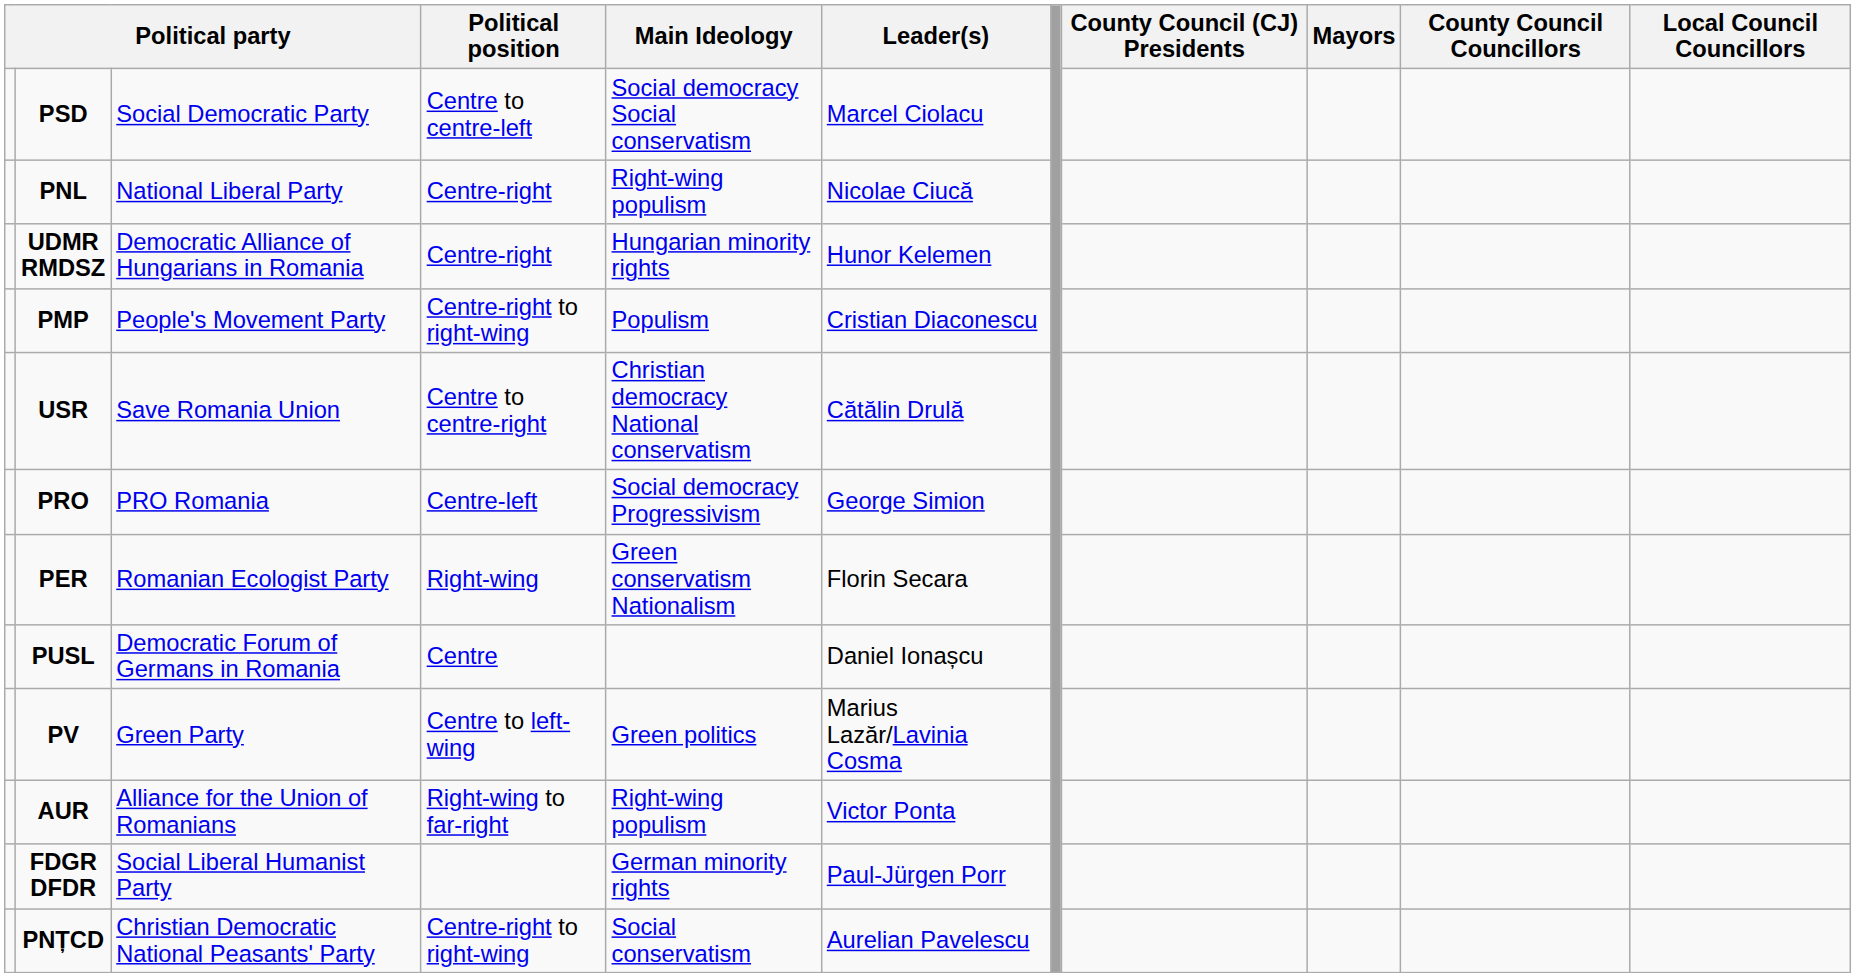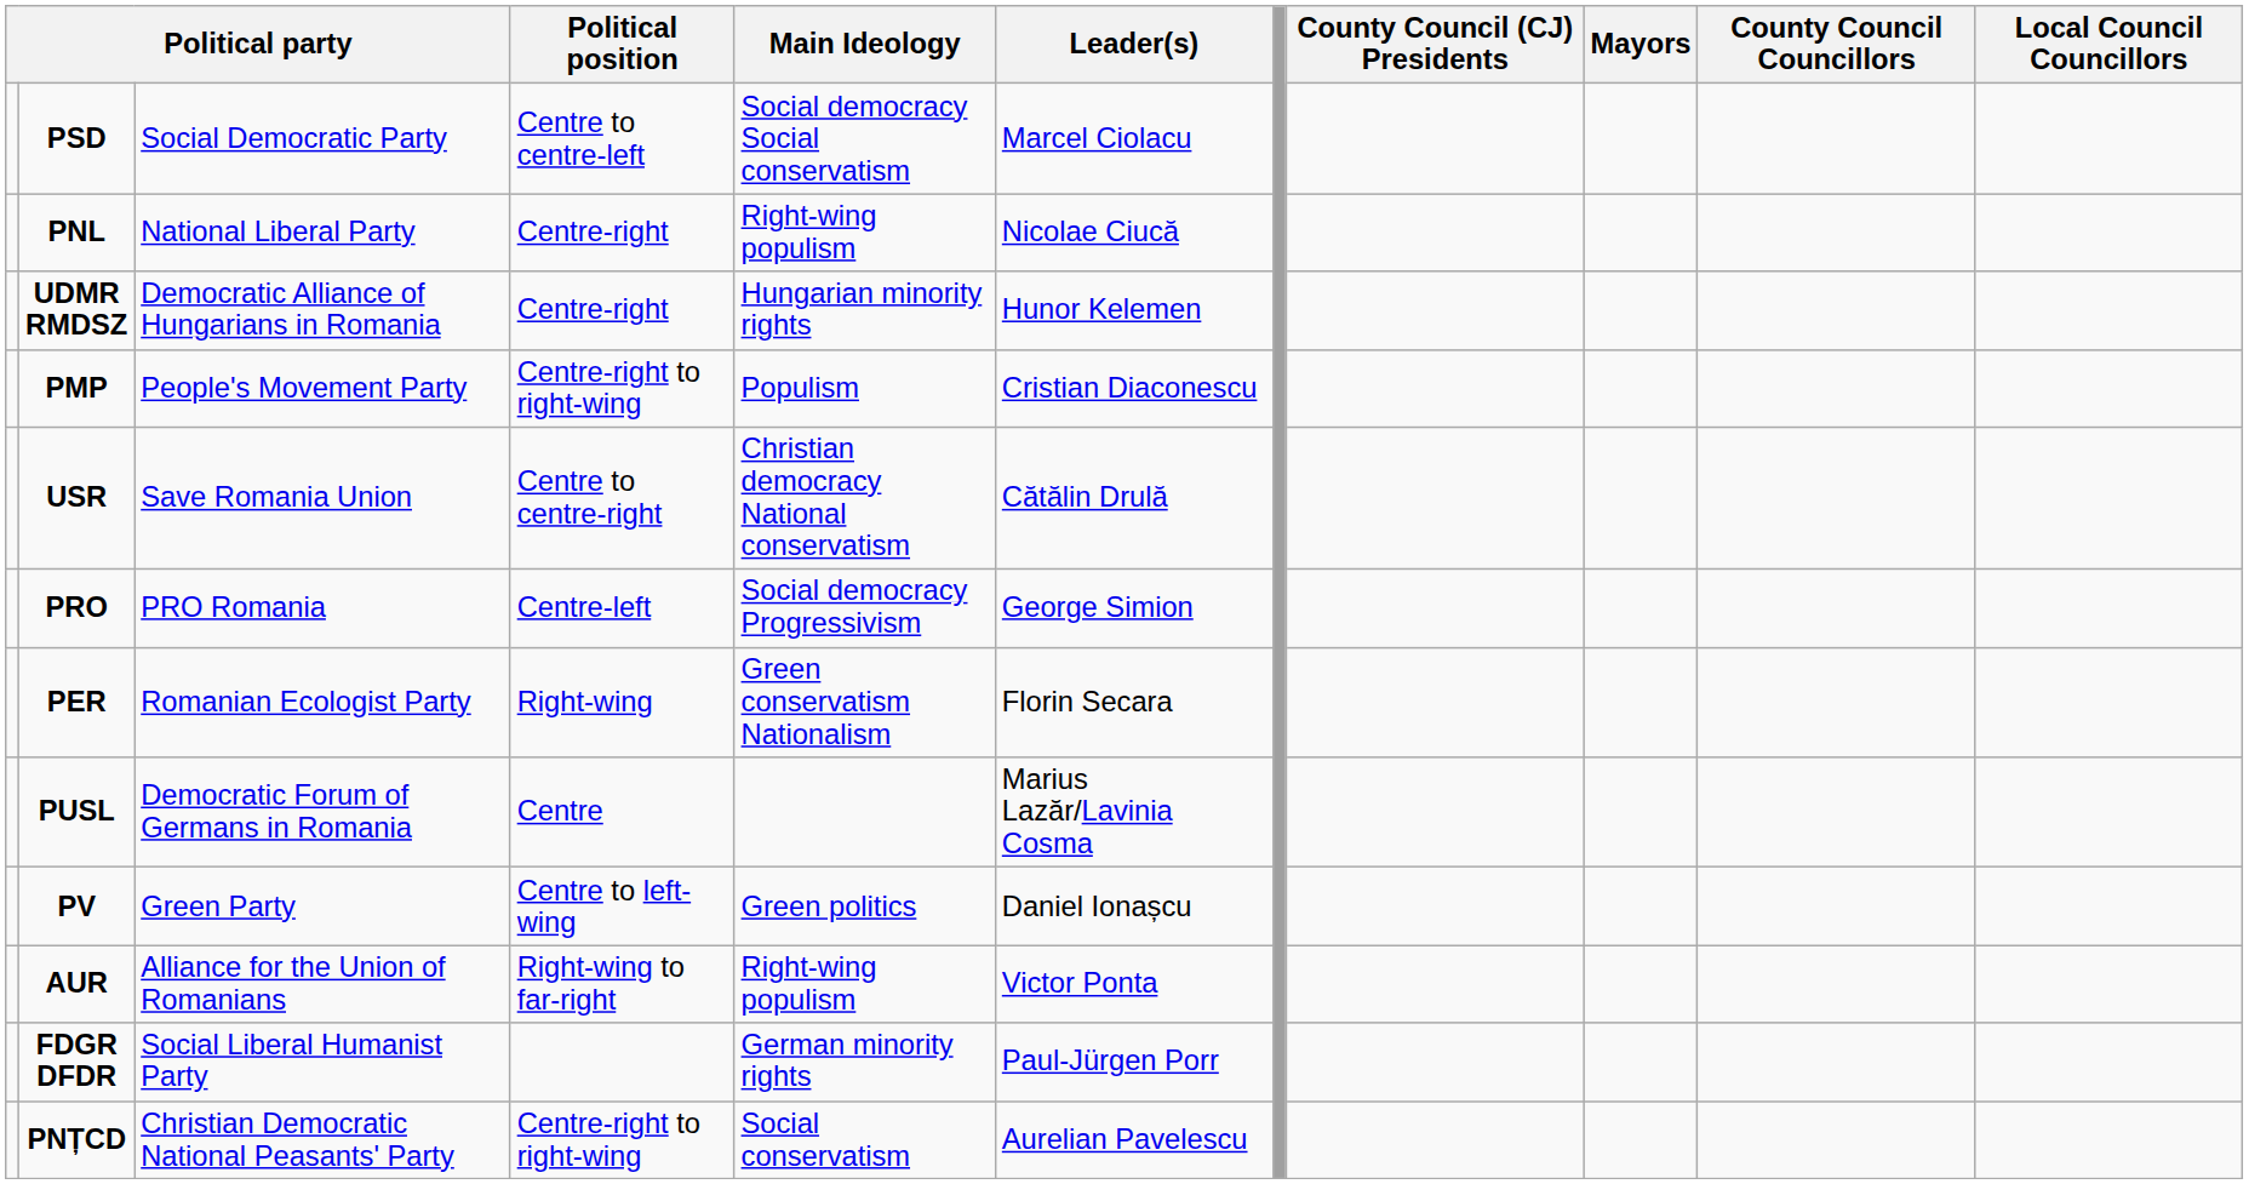 <table class="wikitable">
 <tr>
 <th colspan="3">Political party</th>
 <th>Political position</th>
 <th>Main Ideology</th>
 <th>Leader(s)</th>
 <th rowspan="14" style="background:#A0A0A0"></th>
 <th>County Council (CJ) Presidents</th>
 <th>Mayors</th>
 <th>County Council Councillors</th>
 <th>Local Council Councillors</th>
 </tr>
 <tr>
 <td style="color:inherit;background:"></td>
 <td style="text-align:center;"><strong>PSD</strong></td>
 <td><a href='#'>Social Democratic Party</a></td>
 <td><a href='#'>Centre</a> to <a href='#'>centre-left</a></td>
 <td><a href='#'>Social democracy</a><br><a href='#'>Social conservatism</a></td>
 <td><a href='#'>Marcel Ciolacu</a></td>
 <td></td>
 <td></td>
 <td></td>
 <td></td>
 </tr>
 <tr>
 <td style="color:inherit;background:"></td>
 <td style="text-align:center;"><strong>PNL</strong></td>
 <td><a href='#'>National Liberal Party</a></td>
 <td><a href='#'>Centre-right</a></td>
 <td><a href='#'>Right-wing populism</a></td>
 <td><a href='#'>Nicolae Ciucă</a></td>
 <td></td>
 <td></td>
 <td></td>
 <td></td>
 </tr>
 <tr>
 <td style="color:inherit;background:"></td>
 <td style="text-align:center;"><strong>UDMR<br>RMDSZ</strong></td>
 <td><a href='#'>Democratic Alliance of Hungarians in Romania</a></td>
 <td><a href='#'>Centre-right</a></td>
 <td><a href='#'>Hungarian minority rights</a></td>
 <td><a href='#'>Hunor Kelemen</a></td>
 <td></td>
 <td></td>
 <td></td>
 <td></td>
 </tr>
 <tr>
 <td style="color:inherit;background:"></td>
 <td style="text-align:center;"><strong>PMP</strong></td>
 <td><a href='#'>People's Movement Party</a></td>
 <td><a href='#'>Centre-right</a> to <a href='#'>right-wing</a></td>
 <td><a href='#'>Populism</a></td>
 <td><a href='#'>Cristian Diaconescu</a></td>
 <td></td>
 <td></td>
 <td></td>
 <td></td>
 </tr>
 <tr>
 <td style="color:inherit;background:"></td>
 <td style="text-align:center;"><strong>USR</strong></td>
 <td><a href='#'>Save Romania Union</a></td>
 <td><a href='#'>Centre</a> to <a href='#'>centre-right</a></td>
 <td><a href='#'>Christian democracy</a><br><a href='#'>National conservatism</a></td>
 <td><a href='#'>Cătălin Drulă</a></td>
 <td></td>
 <td></td>
 <td></td>
 <td></td>
 </tr>
 <tr>
 <td style="color:inherit;background:"></td>
 <td style="text-align:center;"><strong>PRO</strong></td>
 <td><a href='#'>PRO Romania</a></td>
 <td><a href='#'>Centre-left</a></td>
 <td><a href='#'>Social democracy</a><br><a href='#'>Progressivism</a></td>
 <td><a href='#'>George Simion</a></td>
 <td></td>
 <td></td>
 <td></td>
 <td></td>
 </tr>
 <tr>
 <td style="color:inherit;background:"></td>
 <td style="text-align:center;"><strong>PER</strong></td>
 <td><a href='#'>Romanian Ecologist Party</a></td>
 <td><a href='#'>Right-wing</a></td>
 <td><a href='#'>Green conservatism</a><br><a href='#'> Nationalism</a></td>
 <td>Florin Secara</td>
 <td></td>
 <td></td>
 <td></td>
 <td></td>
 </tr>
 <tr>
 <td style="color:inherit;background:"></td>
 <td style="text-align:center;"><strong>PUSL</strong></td>
 <td><a href='#'>Democratic Forum of Germans in Romania</a></td>
 <td><a href='#'>Centre</a></td>
 <td></td>
-<td>Daniel Ionașcu</td>
+<td>Marius Lazăr/<a href='#'>Lavinia Cosma</a></td>
 <td></td>
 <td></td>
 <td></td>
 <td></td>
 </tr>
 <tr>
 <td style="color:inherit;background:"></td>
 <td style="text-align:center;"><strong>PV</strong></td>
 <td><a href='#'>Green Party</a></td>
 <td><a href='#'>Centre</a> to <a href='#'>left-wing</a></td>
 <td><a href='#'>Green politics</a></td>
-<td>Marius Lazăr/<a href='#'>Lavinia Cosma</a></td>
+<td>Daniel Ionașcu</td>
 <td></td>
 <td></td>
 <td></td>
 <td></td>
 </tr>
 <tr>
 <td style="color:inherit;background:"></td>
 <td style="text-align:center;"><strong>AUR</strong></td>
 <td><a href='#'>Alliance for the Union of Romanians</a></td>
 <td><a href='#'>Right-wing</a> to <a href='#'>far-right</a></td>
 <td><a href='#'>Right-wing populism</a></td>
 <td><a href='#'>Victor Ponta</a></td>
 <td></td>
 <td></td>
 <td></td>
 <td></td>
 </tr>
 <tr>
 <td style="color:inherit;background:"></td>
 <td style="text-align:center;"><strong>FDGR<br>DFDR</strong></td>
 <td><a href='#'>Social Liberal Humanist Party</a></td>
 <td></td>
 <td><a href='#'>German minority rights</a></td>
 <td><a href='#'>Paul-Jürgen Porr</a></td>
 <td></td>
 <td></td>
 <td></td>
 <td></td>
 </tr>
 <tr>
 <td style="color:inherit;background:"></td>
 <td style="text-align:center;"><strong>PNȚCD</strong></td>
 <td><a href='#'>Christian Democratic National Peasants' Party</a></td>
 <td><a href='#'>Centre-right</a> to <a href='#'>right-wing</a></td>
 <td><a href='#'>Social conservatism</a></td>
 <td><a href='#'>Aurelian Pavelescu</a></td>
 <td></td>
 <td></td>
 <td></td>
 <td></td>
 </tr>
 <tr>
 </tr>
 </table>
